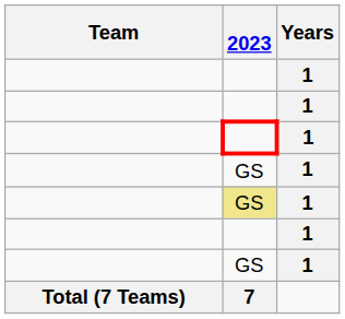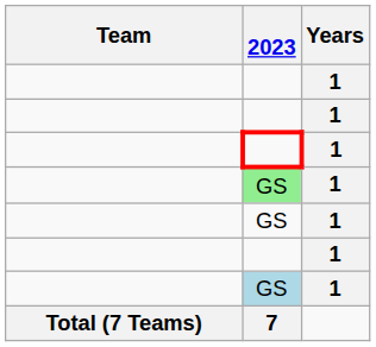 <table class="wikitable" style="text-align:center; font-size:90%">
 <tr>
 <th width=150>Team</th>
 <th><br><a href='#'>2023</a></th>
 <th>Years</th>
 </tr>
 <tr>
 <td align=left></td>
 <td></td>
 <th>1</th>
 </tr>
 <tr>
 <td align=left></td>
 <td></td>
 <th>1</th>
 </tr>
 <tr>
 <td align=left></td>
 <td style="border: 3px solid red"></td>
 <th>1</th>
 </tr>
 <tr>
 <td align=left></td>
-<td>GS</td>
+<td style="background: lightgreen;">GS</td>
 <th>1</th>
 </tr>
 <tr>
 <td align=left></td>
-<td style="background: khaki;">GS</td>
+<td>GS</td>
 <th>1</th>
 </tr>
 <tr>
 <td align=left></td>
 <td></td>
 <th>1</th>
 </tr>
 <tr>
 <td align=left></td>
-<td>GS</td>
+<td style="background: lightblue;">GS</td>
 <th>1</th>
 </tr>
 <tr>
 <th>Total (7 Teams)</th>
 <th>7</th>
 </tr>
 </table>
